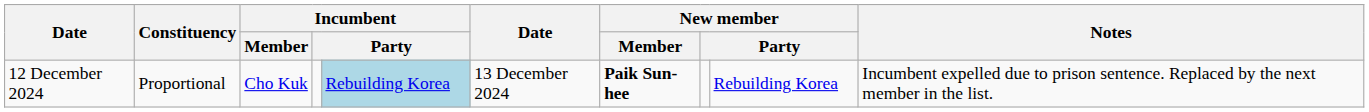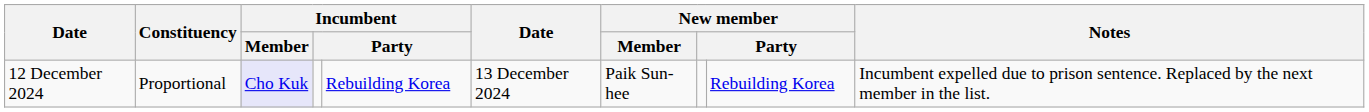 <table class="wikitable sortable plainrowheaders">
 <tr>
 <th rowspan=2>Date</th>
 <th rowspan=2>Constituency</th>
 <th colspan=3 style="width:120px;">Incumbent</th>
 <th rowspan=2>Date</th>
 <th colspan=3 style="width:120px;">New member</th>
 <th rowspan=2 class="unsortable">Notes</th>
 </tr>
 <tr>
 <th>Member</th>
 <th colspan="2" style="width:150px;">Party</th>
 <th>Member</th>
 <th colspan="2" style="width:150px;">Party</th>
 </tr>
 <tr>
 <td>12 December 2024</td>
 <td>Proportional</td>
-<td><a href='#'>Cho Kuk</a></td>
+<td style="background: lavender;"><a href='#'>Cho Kuk</a></td>
 <td width="1" scope="row" rowspan="1" style="background-color:"></td>
-<td style="background: lightblue;"><a href='#'>Rebuilding Korea</a></td>
+<td><a href='#'>Rebuilding Korea</a></td>
 <td>13 December 2024</td>
-<td><strong>Paik Sun-hee</strong></td>
+<td>Paik Sun-hee</td>
 <td width="1" scope="row" rowspan="1" style="background-color:"></td>
 <td><a href='#'>Rebuilding Korea</a></td>
 <td>Incumbent expelled due to prison sentence. Replaced by the next member in the list.</td>
 </tr>
 </table>
